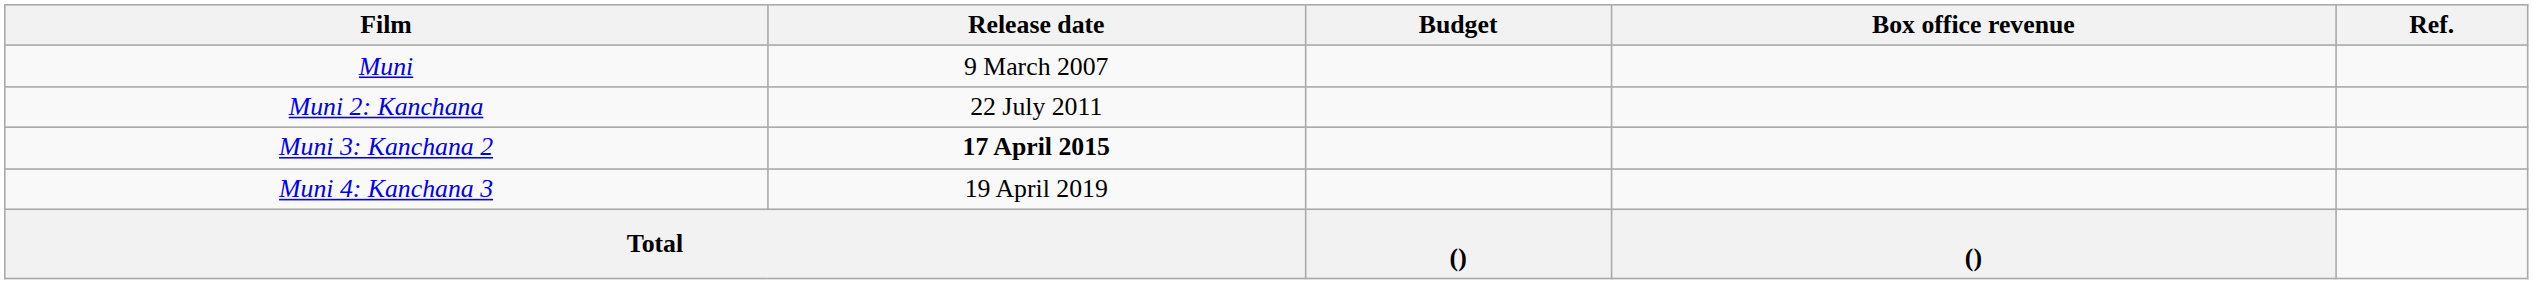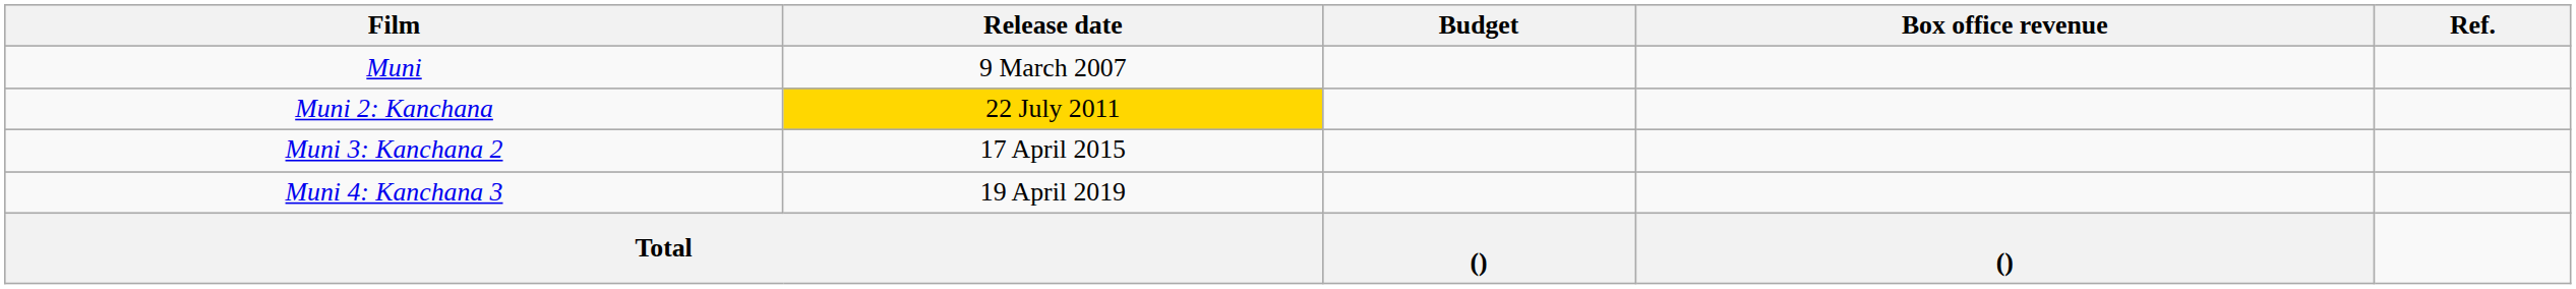 <table class="wikitable sortable" width="99%" border="1" style="text-align: center;">
 <tr>
 <th style="text-align:center;">Film</th>
 <th style="text-align:center;">Release date</th>
 <th style="text-align:center;">Budget</th>
 <th style="text-align:center;">Box office revenue</th>
 <th style="text-align:center;">Ref.</th>
 </tr>
 <tr>
 <td><em><a href='#'>Muni</a></em></td>
 <td>9 March 2007</td>
 <td></td>
 <td></td>
 <td></td>
 </tr>
 <tr>
 <td><em><a href='#'>Muni 2: Kanchana</a></em></td>
-<td>22 July 2011</td>
+<td style="background: gold;">22 July 2011</td>
 <td></td>
 <td></td>
 <td></td>
 </tr>
 <tr>
 <td><em><a href='#'>Muni 3: Kanchana 2</a></em></td>
-<td><strong>17 April 2015</strong></td>
+<td>17 April 2015</td>
 <td></td>
 <td></td>
 <td></td>
 </tr>
 <tr>
 <td><em><a href='#'>Muni 4: Kanchana 3</a></em></td>
 <td>19 April 2019</td>
 <td></td>
 <td></td>
 <td></td>
 </tr>
 <tr>
 <th colspan="2" style="text-align:centr;">Total</th>
 <th style="text-align:centr;"><br> ()</th>
 <th style="text-align:centr;"><br> ()</th>
 <td></td>
 </tr>
 </table>
